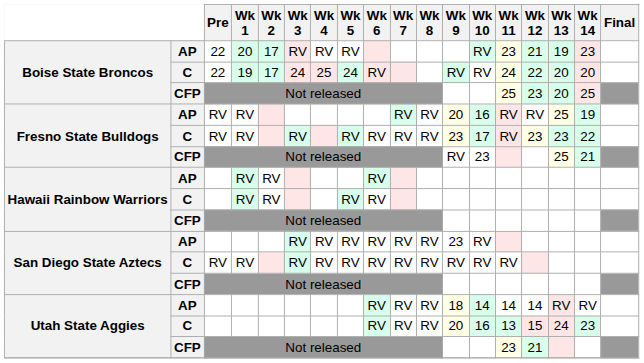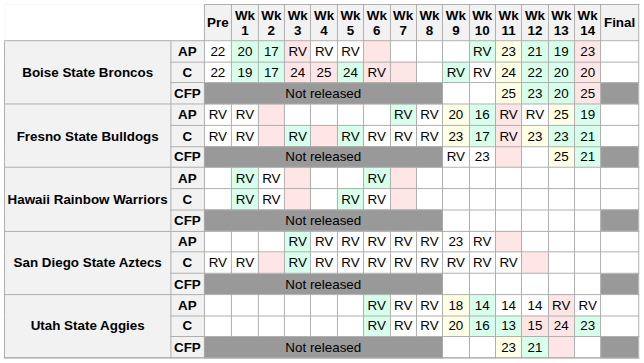 <table class="wikitable" style="white-space:nowrap;font-size:90%;">
 <tr>
 <th colspan=2 style="background:white; border-top-style:hidden; border-left-style:hidden;"> </th>
 <th>Pre</th>
 <th>Wk<br>1</th>
 <th>Wk<br>2</th>
 <th>Wk<br>3</th>
 <th>Wk<br>4</th>
 <th>Wk<br>5</th>
 <th>Wk<br>6</th>
 <th>Wk<br>7</th>
 <th>Wk<br>8</th>
 <th>Wk<br>9</th>
 <th>Wk<br>10</th>
 <th>Wk<br>11</th>
 <th>Wk<br>12</th>
 <th>Wk<br>13</th>
 <th>Wk<br>14</th>
 <th>Final</th>
 </tr>
 <tr style="text-align:center;">
 <th rowspan=3 style=>Boise State Broncos</th>
 <th>AP</th>
 <td style="background:#FFF;">22</td>
 <td style="background:#d8ffeb;">20</td>
 <td style="background:#d8ffeb;">17</td>
 <td style="background:#ffe6e6;">RV</td>
 <td style="background:#FFF;">RV</td>
 <td style="background:#FFF;">RV</td>
 <td style="background:#ffe6e6;"></td>
 <td style="background:#FFF;"></td>
 <td style="background:#FFF;"></td>
 <td style="background:#FFF;"></td>
 <td style="background:#d8ffeb;">RV</td>
 <td style="background:#ffffe6;">23</td>
 <td style="background:#d8ffeb;">21</td>
 <td style="background:#d8ffeb;">19</td>
 <td style="background:#ffe6e6;">23</td>
 <td style="background:#FFF;"></td>
 </tr>
 <tr style="text-align:center;">
 <th>C</th>
 <td style="background:#FFF;">22</td>
 <td style="background:#d8ffeb;">19</td>
 <td style="background:#d8ffeb;">17</td>
 <td style="background:#ffe6e6;">24</td>
 <td style="background:#ffe6e6;">25</td>
 <td style="background:#d8ffeb;">24</td>
 <td style="background:#ffe6e6;">RV</td>
 <td style="background:#ffe6e6;"></td>
 <td style="background:#FFF;"></td>
 <td style="background:#d8ffeb;">RV</td>
 <td style="background:#FFF;">RV</td>
 <td style="background:#ffffe6;">24</td>
 <td style="background:#d8ffeb;">22</td>
 <td style="background:#d8ffeb;">20</td>
 <td style="background:#ffe6e6;">20</td>
 <td style="background:#FFF;"></td>
 </tr>
 <tr style="text-align:center;">
 <th>CFP</th>
 <td colspan=9 style="background:#999;" align=center>Not released</td>
 <td style="background:#FFF;"></td>
 <td style="background:#FFF;"></td>
 <td style="background:#ffffe6;">25</td>
 <td style="background:#d8ffeb;">23</td>
 <td style="background:#d8ffeb;">20</td>
 <td style="background:#ffe6e6;">25</td>
 <td style="background:#999;"></td>
 </tr>
 <tr style="text-align:center;">
 <th rowspan=3 style=>Fresno State Bulldogs</th>
 <th>AP</th>
 <td style="background:#FFF;">RV</td>
 <td style="background:#FFF;">RV</td>
 <td style="background:#ffe6e6;"></td>
 <td style="background:#FFF;"></td>
 <td style="background:#FFF;"></td>
 <td style="background:#FFF;"></td>
 <td style="background:#FFF;"></td>
 <td style="background:#d8ffeb;">RV</td>
 <td style="background:#FFF;">RV</td>
 <td style="background:#ffffe6;">20</td>
 <td style="background:#d8ffeb;">16</td>
 <td style="background:#ffe6e6;">RV</td>
 <td style="background:#FFF;">RV</td>
 <td style="background:#ffffe6;">25</td>
 <td style="background:#d8ffeb;">19</td>
 <td style="background:#FFF;"></td>
 </tr>
 <tr style="text-align:center;">
 <th>C</th>
 <td style="background:#FFF;">RV</td>
 <td style="background:#FFF;">RV</td>
 <td style="background:#ffe6e6;"></td>
 <td style="background:#d8ffeb;">RV</td>
 <td style="background:#ffe6e6;"></td>
 <td style="background:#d8ffeb;">RV</td>
 <td style="background:#FFF;">RV</td>
 <td style="background:#FFF;">RV</td>
 <td style="background:#FFF;">RV</td>
 <td style="background:#ffffe6;">23</td>
 <td style="background:#d8ffeb;">17</td>
 <td style="background:#ffe6e6;">RV</td>
 <td style="background:#ffffe6;">23</td>
 <td style="background:#d8ffeb;">23</td>
-<td style="background:#d8ffeb;">22</td>
+<td style="background:#d8ffeb;">21</td>
 <td style="background:#FFF;"></td>
 </tr>
 <tr style="text-align:center;">
 <th>CFP</th>
 <td colspan=9 style="background:#999;" align=center>Not released</td>
 <td style="background:#FFF;">RV</td>
 <td style="background:#FFF;">23</td>
 <td style="background:#ffe6e6;"></td>
 <td style="background:#FFF;"></td>
 <td style="background:#ffffe6;">25</td>
 <td style="background:#d8ffeb;">21</td>
 <td style="background:#999;"></td>
 </tr>
 <tr style="text-align:center;">
 <th rowspan=3 style=>Hawaii Rainbow Warriors</th>
 <th>AP</th>
 <td style="background:#FFF;"></td>
 <td style="background:#d8ffeb;">RV</td>
 <td style="background:#FFF;">RV</td>
 <td style="background:#ffe6e6;"></td>
 <td style="background:#FFF;"></td>
 <td style="background:#FFF;"></td>
 <td style="background:#d8ffeb;">RV</td>
 <td style="background:#ffe6e6;"></td>
 <td style="background:#FFF;"></td>
 <td style="background:#FFF;"></td>
 <td style="background:#FFF;"></td>
 <td style="background:#FFF;"></td>
 <td style="background:#FFF;"></td>
 <td style="background:#FFF;"></td>
 <td style="background:#FFF;"></td>
 <td style="background:#FFF;"></td>
 </tr>
 <tr style="text-align:center;">
 <th>C</th>
 <td style="background:#FFF;"></td>
 <td style="background:#d8ffeb;">RV</td>
 <td style="background:#FFF;">RV</td>
 <td style="background:#ffe6e6;"></td>
 <td style="background:#FFF;"></td>
 <td style="background:#d8ffeb;">RV</td>
 <td style="background:#FFF;">RV</td>
 <td style="background:#ffe6e6;"></td>
 <td style="background:#FFF;"></td>
 <td style="background:#FFF;"></td>
 <td style="background:#FFF;"></td>
 <td style="background:#FFF;"></td>
 <td style="background:#FFF;"></td>
 <td style="background:#FFF;"></td>
 <td style="background:#FFF;"></td>
 <td style="background:#FFF;"></td>
 </tr>
 <tr style="text-align:center;">
 <th>CFP</th>
 <td colspan=9 style="background:#999;" align=center>Not released</td>
 <td style="background:#FFF;"> </td>
 <td style="background:#FFF;"></td>
 <td style="background:#FFF;"></td>
 <td style="background:#FFF;"></td>
 <td style="background:#FFF;"></td>
 <td style="background:#FFF;"></td>
 <td style="background:#999;"></td>
 </tr>
 <tr style="text-align:center;">
 <th rowspan=3 style=>San Diego State Aztecs</th>
 <th>AP</th>
 <td style="background:#FFF;"></td>
 <td style="background:#FFF;"></td>
 <td style="background:#FFF;"></td>
 <td style="background:#d8ffeb;">RV</td>
 <td style="background:#FFF;">RV</td>
 <td style="background:#FFF;">RV</td>
 <td style="background:#FFF;">RV</td>
 <td style="background:#FFF;">RV</td>
 <td style="background:#FFF;">RV</td>
 <td style="background:#FFF;">23</td>
 <td style="background:#FFF;">RV</td>
 <td style="background:#ffe6e6;"></td>
 <td style="background:#FFF;"></td>
 <td style="background:#FFF;"></td>
 <td style="background:#FFF;"></td>
 <td style="background:#FFF;"></td>
 </tr>
 <tr style="text-align:center;">
 <th>C</th>
 <td style="background:#FFF;">RV</td>
 <td style="background:#FFF;">RV</td>
 <td style="background:#ffe6e6;"></td>
 <td style="background:#d8ffeb;">RV</td>
 <td style="background:#FFF;">RV</td>
 <td style="background:#FFF;">RV</td>
 <td style="background:#FFF;">RV</td>
 <td style="background:#FFF;">RV</td>
 <td style="background:#FFF;">RV</td>
 <td style="background:#FFF;">RV</td>
 <td style="background:#FFF;">RV</td>
 <td style="background:#FFF;">RV</td>
 <td style="background:#ffe6e6;"></td>
 <td style="background:#FFF;"></td>
 <td style="background:#FFF;"></td>
 <td style="background:#FFF;"></td>
 </tr>
 <tr style="text-align:center;">
 <th>CFP</th>
 <td colspan=9 style="background:#999;" align=center>Not released</td>
 <td style="background:#FFF;"> </td>
 <td style="background:#FFF;"></td>
 <td style="background:#FFF;"></td>
 <td style="background:#FFF;"></td>
 <td style="background:#FFF;"></td>
 <td style="background:#FFF;"></td>
 <td style="background:#999;"></td>
 </tr>
 <tr style="text-align:center;">
 <th rowspan=3 style=>Utah State Aggies</th>
 <th>AP</th>
 <td style="background:#FFF;"></td>
 <td style="background:#FFF;"></td>
 <td style="background:#FFF;"></td>
 <td style="background:#FFF;"></td>
 <td style="background:#FFF;"></td>
 <td style="background:#FFF;"></td>
 <td style="background:#d8ffeb;">RV</td>
 <td style="background:#FFF;">RV</td>
 <td style="background:#FFF;">RV</td>
 <td style="background:#ffffe6;">18</td>
 <td style="background:#d8ffeb;">14</td>
 <td style="background:#FFF;">14</td>
 <td style="background:#FFF;">14</td>
 <td style="background:#ffe6e6;">RV</td>
 <td style="background:#FFF;">RV</td>
 <td style="background:#FFF;"></td>
 </tr>
 <tr style="text-align:center;">
 <th>C</th>
 <td style="background:#FFF;"></td>
 <td style="background:#FFF;"></td>
 <td style="background:#FFF;"></td>
 <td style="background:#FFF;"></td>
 <td style="background:#FFF;"></td>
 <td style="background:#FFF;"></td>
 <td style="background:#d8ffeb;">RV</td>
 <td style="background:#FFF;">RV</td>
 <td style="background:#FFF;">RV</td>
 <td style="background:#ffffe6;">20</td>
 <td style="background:#d8ffeb;">16</td>
 <td style="background:#d8ffeb;">13</td>
 <td style="background:#ffe6e6;">15</td>
 <td style="background:#ffe6e6;">24</td>
 <td style="background:#d8ffeb;">23</td>
 <td style="background:#FFF;"></td>
 </tr>
 <tr style="text-align:center;">
 <th>CFP</th>
 <td colspan=9 style="background:#999;" align=center>Not released</td>
 <td style="background:#FFF;"> </td>
 <td style="background:#FFF;"></td>
 <td style="background:#ffffe6;">23</td>
 <td style="background:#d8ffeb;">21</td>
 <td style="background:#ffe6e6;"></td>
 <td style="background:#FFF;"></td>
 <td style="background:#999;"></td>
 </tr>
 <tr style="text-align:center;">
 </tr>
 </table>
